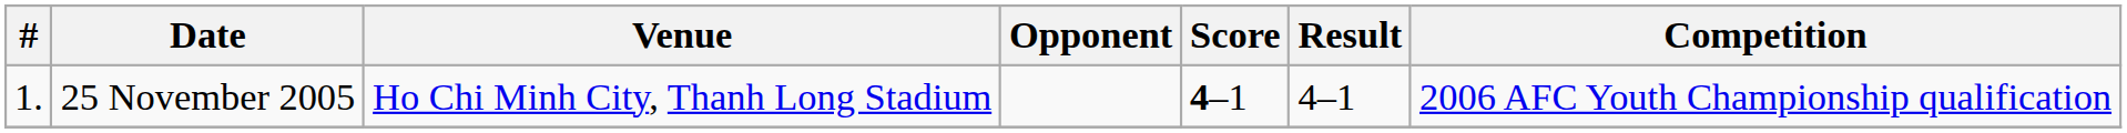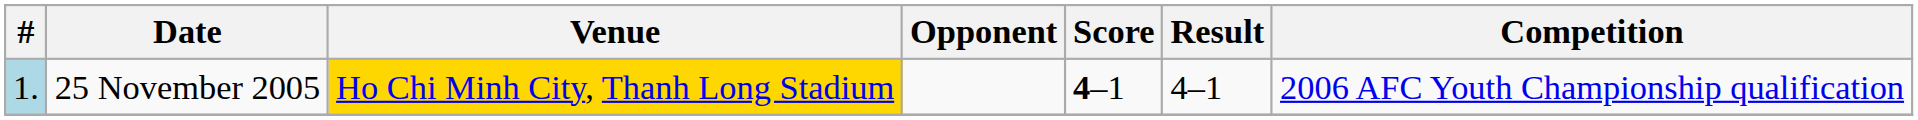 <table class="wikitable collapsible collapsed">
 <tr>
 <th>#</th>
 <th>Date</th>
 <th>Venue</th>
 <th>Opponent</th>
 <th>Score</th>
 <th>Result</th>
 <th>Competition</th>
 </tr>
 <tr>
-<td>1.</td>
+<td style="background: lightblue;">1.</td>
 <td>25 November 2005</td>
-<td><a href='#'>Ho Chi Minh City</a>, <a href='#'>Thanh Long Stadium</a></td>
+<td style="background: gold;"><a href='#'>Ho Chi Minh City</a>, <a href='#'>Thanh Long Stadium</a></td>
 <td></td>
 <td><strong>4</strong>–1</td>
 <td>4–1</td>
 <td><a href='#'>2006 AFC Youth Championship qualification</a></td>
 </tr>
 <tr>
 </tr>
 </table>
